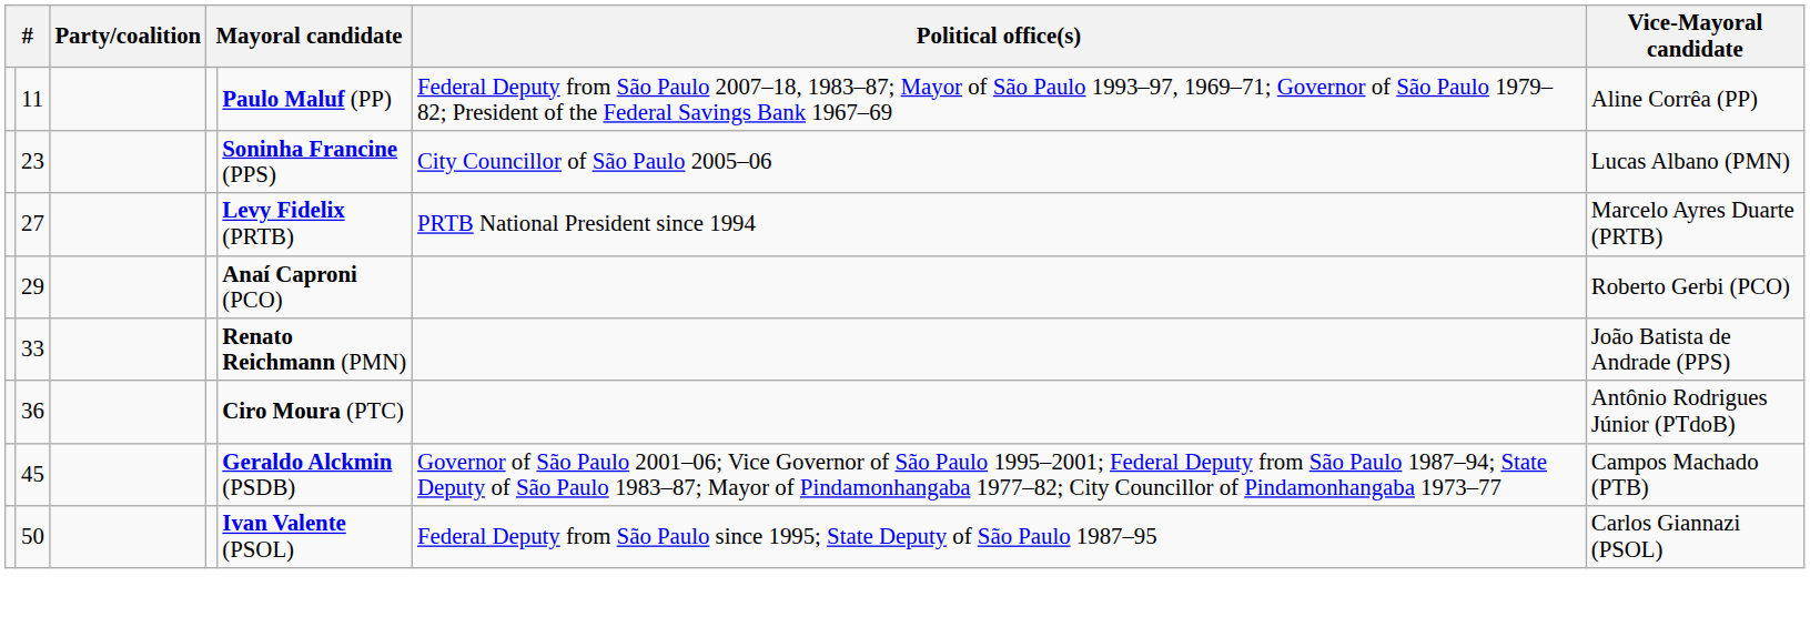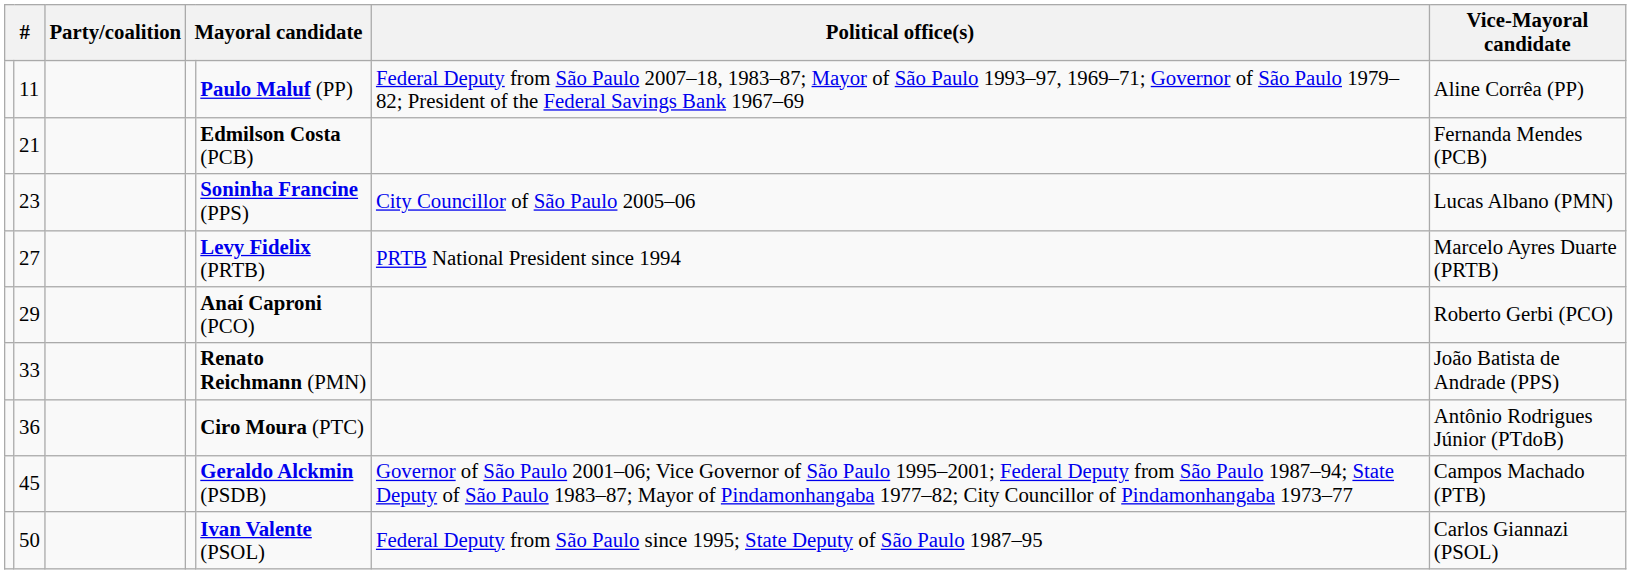 <table class="wikitable">
 <tr>
 <th colspan=2>#</th>
 <th>Party/coalition</th>
 <th colspan=2>Mayoral candidate</th>
 <th>Political office(s)</th>
 <th>Vice-Mayoral candidate</th>
 </tr>
 <tr>
 <td style="background:"></td>
 <td>11</td>
 <td></td>
 <td></td>
 <td><strong><a href='#'>Paulo Maluf</a></strong> (PP)</td>
 <td><a href='#'>Federal Deputy</a> from <a href='#'>São Paulo</a> 2007–18, 1983–87; <a href='#'>Mayor</a> of <a href='#'>São Paulo</a> 1993–97, 1969–71; <a href='#'>Governor</a> of <a href='#'>São Paulo</a> 1979–82; President of the <a href='#'>Federal Savings Bank</a> 1967–69</td>
 <td>Aline Corrêa (PP)</td>
+</tr>
+<tr>
+<td style="background:"></td>
+<td>21</td>
+<td></td>
+<td></td>
+<td><strong>Edmilson Costa</strong> (PCB)</td>
+<td></td>
+<td>Fernanda Mendes (PCB)</td>
 </tr>
 <tr>
 <td style="background:"></td>
 <td>23</td>
 <td></td>
 <td></td>
 <td><strong><a href='#'>Soninha Francine</a></strong> (PPS)</td>
 <td><a href='#'>City Councillor</a> of <a href='#'>São Paulo</a> 2005–06</td>
 <td>Lucas Albano (PMN)</td>
 </tr>
 <tr>
 <td style="background:"></td>
 <td>27</td>
 <td></td>
 <td></td>
 <td><strong><a href='#'>Levy Fidelix</a></strong> (PRTB)</td>
 <td><a href='#'>PRTB</a> National President since 1994</td>
 <td>Marcelo Ayres Duarte (PRTB)</td>
 </tr>
 <tr>
 <td style="background:"></td>
 <td>29</td>
 <td></td>
 <td></td>
 <td><strong>Anaí Caproni</strong> (PCO)</td>
 <td></td>
 <td>Roberto Gerbi (PCO)</td>
 </tr>
 <tr>
 <td style="background:"></td>
 <td>33</td>
 <td></td>
 <td></td>
 <td><strong>Renato Reichmann</strong> (PMN)</td>
 <td></td>
 <td>João Batista de Andrade (PPS)</td>
 </tr>
 <tr>
 <td style="background:"></td>
 <td>36</td>
 <td></td>
 <td></td>
 <td><strong>Ciro Moura</strong> (PTC)</td>
 <td></td>
 <td>Antônio Rodrigues Júnior (PTdoB)</td>
 </tr>
 <tr>
 <td style="background:"></td>
 <td>45</td>
 <td></td>
 <td></td>
 <td><strong><a href='#'>Geraldo Alckmin</a></strong> (PSDB)</td>
 <td><a href='#'>Governor</a> of <a href='#'>São Paulo</a> 2001–06; Vice Governor of <a href='#'>São Paulo</a> 1995–2001; <a href='#'>Federal Deputy</a> from <a href='#'>São Paulo</a> 1987–94; <a href='#'>State Deputy</a> of <a href='#'>São Paulo</a> 1983–87; Mayor of <a href='#'>Pindamonhangaba</a> 1977–82; City Councillor of <a href='#'>Pindamonhangaba</a> 1973–77</td>
 <td>Campos Machado (PTB)</td>
 </tr>
 <tr>
 <td style="background:"></td>
 <td>50</td>
 <td></td>
 <td></td>
 <td><strong><a href='#'>Ivan Valente</a></strong> (PSOL)</td>
 <td><a href='#'>Federal Deputy</a> from <a href='#'>São Paulo</a> since 1995; <a href='#'>State Deputy</a> of <a href='#'>São Paulo</a> 1987–95</td>
 <td>Carlos Giannazi (PSOL)</td>
 </tr>
 </table>
